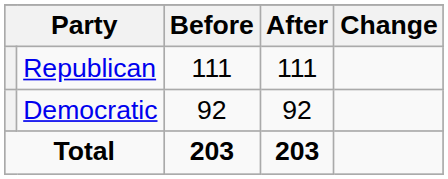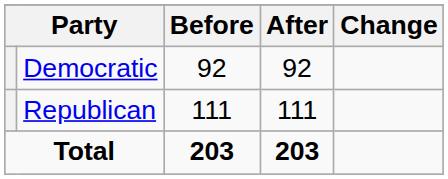 <table class="wikitable" style="text-align:center;">
 <tr>
 </tr>
 <tr>
 <th colspan=2>Party</th>
 <th>Before</th>
 <th>After</th>
 <th>Change</th>
 </tr>
 <tr>
 <th style="background-color:"></th>
-<td style="text-align:left;"><a href='#'>Republican</a></td>
-<td>111</td>
-<td>111</td>
+<td style="text-align:left;"><a href='#'>Democratic</a></td>
+<td>92</td>
+<td>92</td>
 <td></td>
 </tr>
 <tr>
 <th style="background-color:"></th>
-<td style="text-align:left;"><a href='#'>Democratic</a></td>
-<td>92</td>
-<td>92</td>
+<td style="text-align:left;"><a href='#'>Republican</a></td>
+<td>111</td>
+<td>111</td>
 <td></td>
 </tr>
 <tr>
 <td colspan=2><strong>Total</strong></td>
 <td><strong>203</strong></td>
 <td><strong>203</strong></td>
 <td></td>
 </tr>
 </table>
